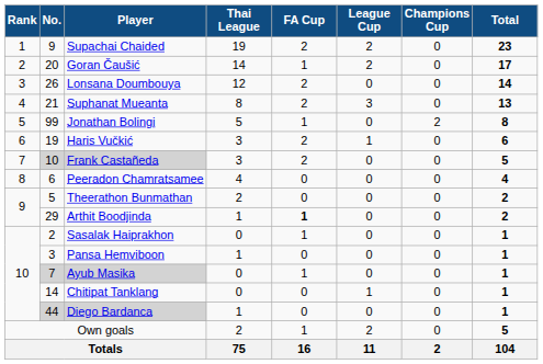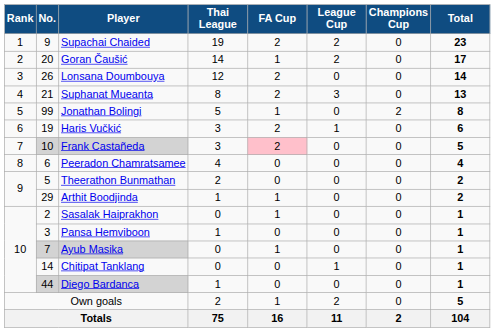 <table class="wikitable sortable alternance" style="text-align: center;">
 <tr>
 <th style="background:#0F4C81; color: white; text-align:center;">Rank</th>
 <th style="background:#0F4C81; color: white; text-align:center;">No.</th>
 <th style="background:#0F4C81; color: white; text-align:center;">Player</th>
 <th width=80 style="background:#0F4C81; color: white; text-align:center;">Thai League</th>
 <th width=80 style="background:#0F4C81; color: white; text-align:center;">FA Cup</th>
 <th width=80 style="background:#0F4C81; color: white; text-align:center;">League Cup</th>
 <th width=80 style="background:#0F4C81; color: white; text-align:center;">Champions Cup</th>
 <th width=80 style="background:#0F4C81; color: white; text-align:center;">Total</th>
 </tr>
 <tr>
 <td>1</td>
 <td>9</td>
 <td align="left"> <a href='#'>Supachai Chaided</a></td>
 <td>19</td>
 <td>2</td>
 <td>2</td>
 <td>0</td>
 <td><strong>23</strong></td>
 </tr>
 <tr>
 <td>2</td>
 <td>20</td>
 <td align="left"> <a href='#'>Goran Čaušić</a></td>
 <td>14</td>
 <td>1</td>
 <td>2</td>
 <td>0</td>
 <td><strong>17</strong></td>
 </tr>
 <tr>
 <td>3</td>
 <td>26</td>
 <td align="left"> <a href='#'>Lonsana Doumbouya</a></td>
 <td>12</td>
 <td>2</td>
 <td>0</td>
 <td>0</td>
 <td><strong>14</strong></td>
 </tr>
 <tr>
 <td>4</td>
 <td>21</td>
 <td align="left"> <a href='#'>Suphanat Mueanta</a></td>
 <td>8</td>
 <td>2</td>
 <td>3</td>
 <td>0</td>
 <td><strong>13</strong></td>
 </tr>
 <tr>
 <td>5</td>
 <td>99</td>
 <td align="left"> <a href='#'>Jonathan Bolingi</a></td>
 <td>5</td>
 <td>1</td>
 <td>0</td>
 <td>2</td>
 <td><strong>8</strong></td>
 </tr>
 <tr>
 <td>6</td>
 <td>19</td>
 <td align="left"> <a href='#'>Haris Vučkić</a></td>
 <td>3</td>
 <td>2</td>
 <td>1</td>
 <td>0</td>
 <td><strong>6</strong></td>
 </tr>
 <tr>
 <td>7</td>
 <td style="background:lightgrey;">10</td>
 <td align="left" style="background:lightgrey;"> <a href='#'>Frank Castañeda</a></td>
 <td>3</td>
-<td>2</td>
+<td style="background: pink;">2</td>
 <td>0</td>
 <td>0</td>
 <td><strong>5</strong></td>
 </tr>
 <tr>
 <td>8</td>
 <td>6</td>
 <td align="left"> <a href='#'>Peeradon Chamratsamee</a></td>
 <td>4</td>
 <td>0</td>
 <td>0</td>
 <td>0</td>
 <td><strong>4</strong></td>
 </tr>
 <tr>
 <td rowspan=2>9</td>
 <td>5</td>
 <td align="left"> <a href='#'>Theerathon Bunmathan</a></td>
 <td>2</td>
 <td>0</td>
 <td>0</td>
 <td>0</td>
 <td><strong>2</strong></td>
 </tr>
 <tr>
 <td>29</td>
 <td align="left"> <a href='#'>Arthit Boodjinda</a></td>
 <td>1</td>
-<td><strong>1</strong></td>
+<td>1</td>
 <td>0</td>
 <td>0</td>
 <td><strong>2</strong></td>
 </tr>
 <tr>
 <td rowspan=5>10</td>
 <td>2</td>
 <td align="left"> <a href='#'>Sasalak Haiprakhon</a></td>
 <td>0</td>
 <td>1</td>
 <td>0</td>
 <td>0</td>
 <td><strong>1</strong></td>
 </tr>
 <tr>
 <td>3</td>
 <td align="left"> <a href='#'>Pansa Hemviboon</a></td>
 <td>1</td>
 <td>0</td>
 <td>0</td>
 <td>0</td>
 <td><strong>1</strong></td>
 </tr>
 <tr>
 <td style="background:lightgrey;">7</td>
 <td align="left" style="background:lightgrey;"> <a href='#'>Ayub Masika</a></td>
 <td>0</td>
 <td>1</td>
 <td>0</td>
 <td>0</td>
 <td><strong>1</strong></td>
 </tr>
 <tr>
 <td>14</td>
 <td align="left"> <a href='#'>Chitipat Tanklang</a></td>
 <td>0</td>
 <td>0</td>
 <td>1</td>
 <td>0</td>
 <td><strong>1</strong></td>
 </tr>
 <tr>
 <td style="background:lightgrey;">44</td>
 <td align="left" style="background:lightgrey;"> <a href='#'>Diego Bardanca</a></td>
 <td>1</td>
 <td>0</td>
 <td>0</td>
 <td>0</td>
 <td><strong>1</strong></td>
 </tr>
 <tr>
 <td colspan=3>Own goals</td>
 <td>2</td>
 <td>1</td>
 <td>2</td>
 <td>0</td>
 <td><strong>5</strong></td>
 </tr>
 <tr class="sortbottom">
 <th colspan="3">Totals</th>
 <th>75</th>
 <th>16</th>
 <th>11</th>
 <th>2</th>
 <th><strong>104</strong></th>
 </tr>
 </table>
